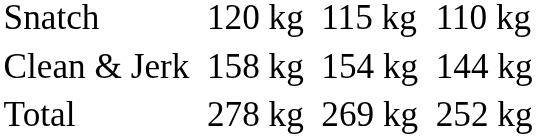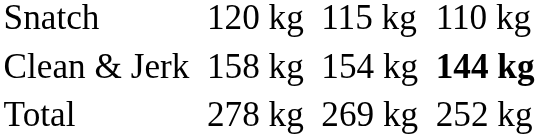 <table>
 <tr>
 <td>Snatch</td>
 <td></td>
 <td>120 kg</td>
 <td></td>
 <td>115 kg</td>
 <td></td>
 <td>110 kg</td>
 </tr>
 <tr>
 <td>Clean & Jerk</td>
 <td></td>
 <td>158 kg</td>
 <td></td>
 <td>154 kg</td>
 <td></td>
-<td>144 kg</td>
+<td><strong>144 kg</strong></td>
 </tr>
 <tr>
 <td>Total</td>
 <td></td>
 <td>278 kg</td>
 <td></td>
 <td>269 kg</td>
 <td></td>
 <td>252 kg</td>
 </tr>
 </table>
